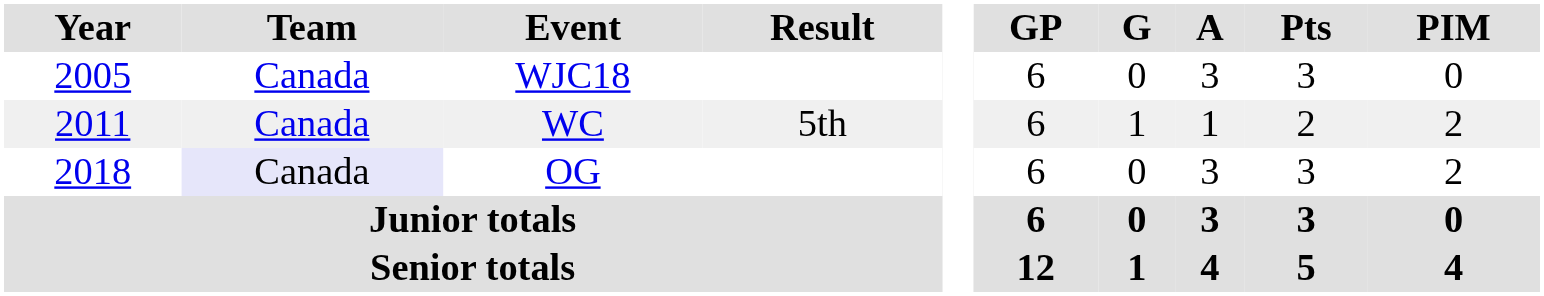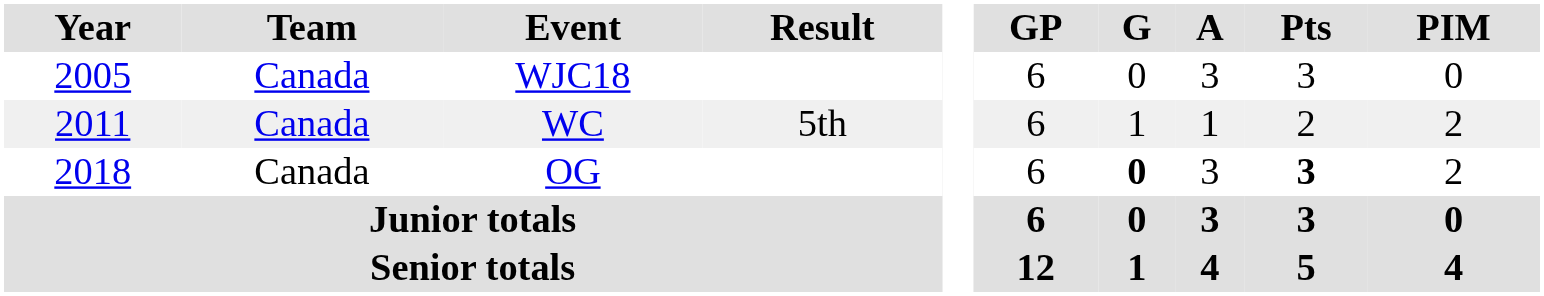 <table border="0" cellpadding="1" cellspacing="0" style="text-align:center; width:40em">
 <tr ALIGN="center" bgcolor="#e0e0e0">
 <th>Year</th>
 <th>Team</th>
 <th>Event</th>
 <th>Result</th>
 <th rowspan="99" bgcolor="#ffffff"> </th>
 <th>GP</th>
 <th>G</th>
 <th>A</th>
 <th>Pts</th>
 <th>PIM</th>
 </tr>
 <tr>
 <td><a href='#'>2005</a></td>
 <td><a href='#'>Canada</a></td>
 <td><a href='#'>WJC18</a></td>
 <td></td>
 <td>6</td>
 <td>0</td>
 <td>3</td>
 <td>3</td>
 <td>0</td>
 </tr>
 <tr bgcolor="#f0f0f0">
 <td><a href='#'>2011</a></td>
 <td><a href='#'>Canada</a></td>
 <td><a href='#'>WC</a></td>
 <td>5th</td>
 <td>6</td>
 <td>1</td>
 <td>1</td>
 <td>2</td>
 <td>2</td>
 </tr>
 <tr>
 <td><a href='#'>2018</a></td>
-<td style="background: lavender;">Canada</td>
+<td>Canada</td>
 <td><a href='#'>OG</a></td>
 <td></td>
 <td>6</td>
-<td>0</td>
+<td><strong>0</strong></td>
 <td>3</td>
-<td>3</td>
+<td><strong>3</strong></td>
 <td>2</td>
 </tr>
 <tr bgcolor="#e0e0e0">
 <th colspan="4">Junior totals</th>
 <th>6</th>
 <th>0</th>
 <th>3</th>
 <th>3</th>
 <th>0</th>
 </tr>
 <tr bgcolor="#e0e0e0">
 <th colspan="4">Senior totals</th>
 <th>12</th>
 <th>1</th>
 <th>4</th>
 <th>5</th>
 <th>4</th>
 </tr>
 </table>
